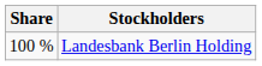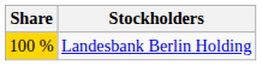 <table class="wikitable">
 <tr>
 <th>Share</th>
 <th>Stockholders</th>
 </tr>
 <tr>
-<td>100 %</td>
+<td style="background: gold;">100 %</td>
 <td><a href='#'>Landesbank Berlin Holding</a></td>
 </tr>
 </table>
